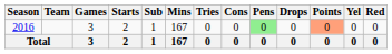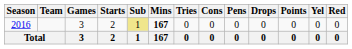 <table class="wikitable" style="text-align:center; line-height:90%; font-size:95%; width:60%;">
 <tr>
 <th>Season</th>
 <th>Team</th>
 <th>Games</th>
 <th>Starts</th>
 <th>Sub</th>
 <th>Mins</th>
 <th>Tries</th>
 <th>Cons</th>
 <th>Pens</th>
 <th>Drops</th>
 <th>Points</th>
 <th>Yel</th>
 <th>Red</th>
 </tr>
 <tr>
 <td><a href='#'>2016</a></td>
 <td></td>
 <td>3</td>
 <td>2</td>
-<td>1</td>
-<td>167</td>
+<td style="background: khaki;">1</td>
+<td><strong>167</strong></td>
 <td>0</td>
 <td>0</td>
-<td style="background: lightgreen;">0</td>
 <td>0</td>
-<td style="background: lightsalmon;">0</td>
+<td>0</td>
+<td>0</td>
 <td>0</td>
 <td>0</td>
 </tr>
 <tr>
 <th colspan="2">Total</th>
 <th>3</th>
 <th>2</th>
 <th>1</th>
 <th>167</th>
 <th>0</th>
 <th>0</th>
 <th>0</th>
 <th>0</th>
 <th>0</th>
 <th>0</th>
 <th>0</th>
 </tr>
 </table>
